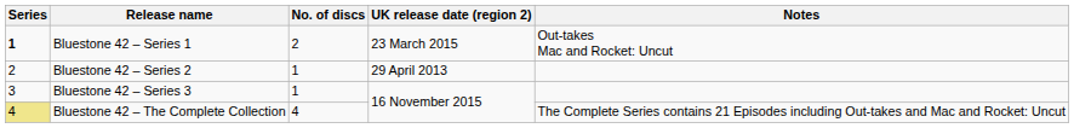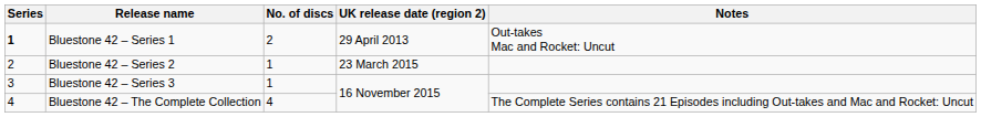 <table class="wikitable sortable">
 <tr>
 <th>Series</th>
 <th>Release name</th>
 <th>No. of discs</th>
 <th>UK release date (region 2)</th>
 <th>Notes</th>
 </tr>
 <tr>
 <td><strong>1</strong></td>
 <td>Bluestone 42 – Series 1</td>
 <td>2</td>
-<td>23 March 2015</td>
+<td>29 April 2013</td>
 <td>Out-takes<br>Mac and Rocket: Uncut</td>
 </tr>
 <tr>
 <td>2</td>
 <td>Bluestone 42 – Series 2</td>
 <td>1</td>
-<td>29 April 2013</td>
+<td>23 March 2015</td>
 <td></td>
 </tr>
 <tr>
 <td>3</td>
 <td>Bluestone 42 – Series 3</td>
 <td>1</td>
 <td rowspan=2>16 November 2015</td>
 <td></td>
 </tr>
 <tr>
-<td style="background: khaki;">4</td>
+<td>4</td>
 <td>Bluestone 42 – The Complete Collection</td>
 <td>4</td>
 <td>The Complete Series contains 21 Episodes including Out-takes and Mac and Rocket: Uncut</td>
 </tr>
 </table>
